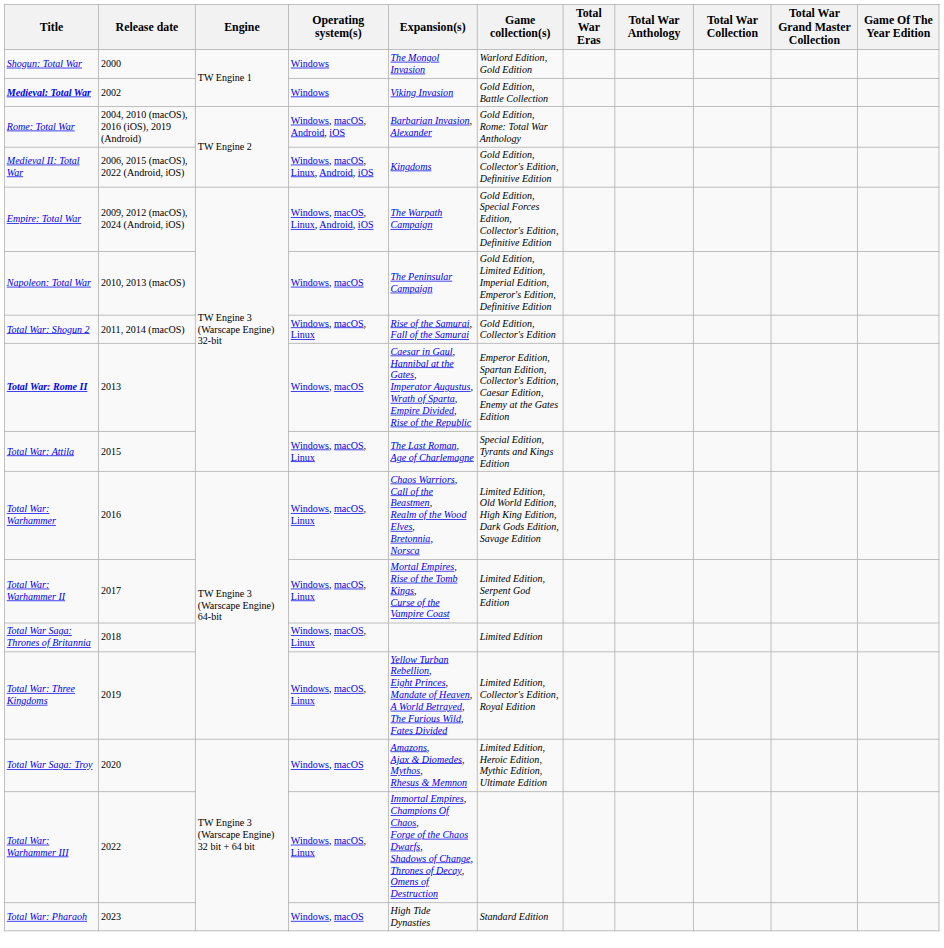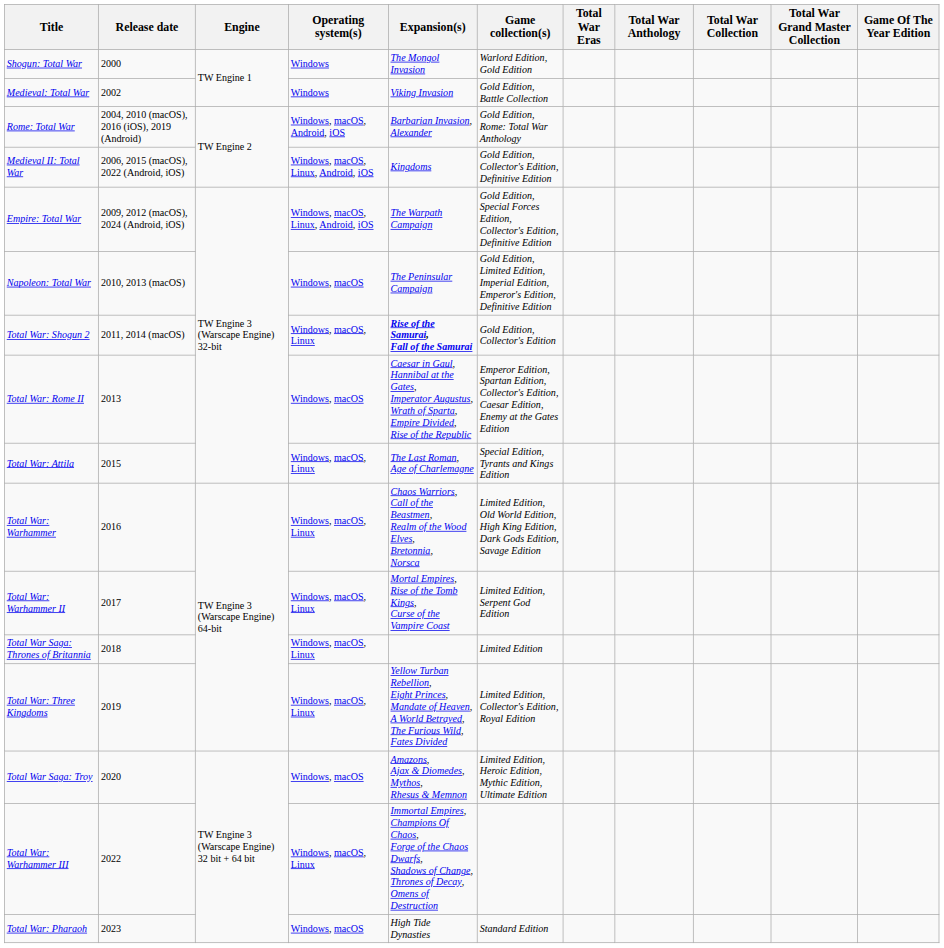 <table class="wikitable unsortable" style="width:100%">
 <tr>
 <th>Title</th>
 <th>Release date</th>
 <th>Engine</th>
 <th>Operating system(s)</th>
 <th>Expansion(s)</th>
 <th>Game collection(s)</th>
 <th>Total War Eras</th>
 <th>Total War Anthology</th>
 <th>Total War Collection</th>
 <th>Total War <br>Grand Master Collection</th>
 <th>Game Of The Year Edition</th>
 </tr>
 <tr style="font-size:85%">
 <td><em><a href='#'>Shogun: Total War</a></em></td>
 <td>2000</td>
 <td rowspan=2>TW Engine 1</td>
 <td><a href='#'>Windows</a></td>
 <td><em><a href='#'>The Mongol Invasion</a></em></td>
 <td><em>Warlord Edition,<br>Gold Edition</em></td>
 <td></td>
 <td></td>
 <td></td>
 <td></td>
 <td></td>
 </tr>
 <tr style="font-size:85%">
-<td><strong><em><a href='#'>Medieval: Total War</a></em></strong></td>
+<td><em><a href='#'>Medieval: Total War</a></em></td>
 <td>2002</td>
 <td><a href='#'>Windows</a></td>
 <td><a href='#'><em>Viking Invasion</em></a></td>
 <td><em>Gold Edition, <br>Battle Collection</em></td>
 <td></td>
 <td></td>
 <td></td>
 <td></td>
 <td></td>
 </tr>
 <tr style="font-size:85%">
 <td><em><a href='#'>Rome: Total War</a></em></td>
 <td>2004, 2010 (macOS),<br>2016 (iOS), 2019 (Android)</td>
 <td rowspan=2>TW Engine 2</td>
 <td><a href='#'>Windows</a>, <a href='#'>macOS</a>, <a href='#'>Android</a>, <a href='#'>iOS</a></td>
 <td><em><a href='#'>Barbarian Invasion</a>, <br><a href='#'>Alexander</a></em></td>
 <td><em>Gold Edition, <br>Rome: Total War Anthology</em></td>
 <td></td>
 <td></td>
 <td></td>
 <td></td>
 <td></td>
 </tr>
 <tr style="font-size:85%">
 <td><em><a href='#'>Medieval II: Total War</a></em></td>
 <td>2006, 2015 (macOS), 2022 (Android, iOS)</td>
 <td><a href='#'>Windows</a>, <a href='#'>macOS</a>, <a href='#'>Linux</a>, <a href='#'>Android</a>, <a href='#'>iOS</a></td>
 <td><a href='#'><em>Kingdoms</em></a></td>
 <td><em>Gold Edition,<br>Collector's Edition, <br>Definitive Edition</em></td>
 <td></td>
 <td></td>
 <td></td>
 <td></td>
 <td></td>
 </tr>
 <tr style="font-size:85%">
 <td><em><a href='#'>Empire: Total War</a></em></td>
 <td>2009, 2012 (macOS), 2024 (Android, iOS)</td>
 <td rowspan="5">TW Engine 3 (Warscape Engine) 32-bit</td>
 <td><a href='#'>Windows</a>, <a href='#'>macOS</a>, <a href='#'>Linux</a>, <a href='#'>Android</a>, <a href='#'>iOS</a></td>
 <td><a href='#'><em>The Warpath Campaign</em></a></td>
 <td><em>Gold Edition,<br>Special Forces Edition,<br>Collector's Edition, <br>Definitive Edition</em></td>
 <td></td>
 <td></td>
 <td></td>
 <td></td>
 <td></td>
 </tr>
 <tr style="font-size:85%">
 <td><em><a href='#'>Napoleon: Total War</a></em></td>
 <td>2010, 2013 (macOS)</td>
 <td><a href='#'>Windows</a>, <a href='#'>macOS</a></td>
 <td><a href='#'><em>The Peninsular Campaign</em></a></td>
 <td><em>Gold Edition, <br>Limited Edition, <br>Imperial Edition, <br>Emperor's Edition, <br>Definitive Edition</em></td>
 <td></td>
 <td></td>
 <td></td>
 <td></td>
 <td></td>
 </tr>
 <tr style="font-size:85%">
 <td><em><a href='#'>Total War: Shogun 2</a></em></td>
 <td>2011, 2014 (macOS)</td>
 <td><a href='#'>Windows</a>, <a href='#'>macOS</a>, <a href='#'>Linux</a></td>
-<td><em><a href='#'>Rise of the Samurai</a>,<br><a href='#'>Fall of the Samurai</a></em></td>
+<td><strong><em><a href='#'>Rise of the Samurai</a>,<br><a href='#'>Fall of the Samurai</a></em></strong></td>
 <td><em>Gold Edition, <br>Collector's Edition</em></td>
 <td></td>
 <td></td>
 <td></td>
 <td></td>
 <td></td>
 </tr>
 <tr style="font-size:85%">
-<td><strong><em><a href='#'>Total War: Rome II</a></em></strong></td>
+<td><em><a href='#'>Total War: Rome II</a></em></td>
 <td>2013</td>
 <td><a href='#'>Windows</a>, <a href='#'>macOS</a></td>
 <td><em><a href='#'>Caesar in Gaul</a>,<br><a href='#'>Hannibal at the Gates</a>,<br><a href='#'>Imperator Augustus</a>,<br><a href='#'>Wrath of Sparta</a>,<br><a href='#'>Empire Divided</a>,<br><a href='#'>Rise of the Republic</a></em></td>
 <td><em>Emperor Edition,<br>Spartan Edition,<br>Collector's Edition,<br>Caesar Edition,<br>Enemy at the Gates Edition</em></td>
 <td></td>
 <td></td>
 <td></td>
 <td></td>
 <td></td>
 </tr>
 <tr style="font-size:85%">
 <td><em><a href='#'>Total War: Attila</a></em></td>
 <td>2015</td>
 <td><a href='#'>Windows</a>, <a href='#'>macOS</a>, <a href='#'>Linux</a></td>
 <td><em><a href='#'>The Last Roman</a>,<br><a href='#'>Age of Charlemagne</a></em></td>
 <td><em>Special Edition, <br>Tyrants and Kings Edition</em></td>
 <td></td>
 <td></td>
 <td></td>
 <td></td>
 <td></td>
 </tr>
 <tr style="font-size:85%">
 <td><em><a href='#'>Total War: Warhammer</a></em></td>
 <td>2016</td>
 <td rowspan="4">TW Engine 3 (Warscape Engine) 64-bit</td>
 <td><a href='#'>Windows</a>, <a href='#'>macOS</a>, <a href='#'>Linux</a></td>
 <td><em><a href='#'>Chaos Warriors</a>,<br><a href='#'>Call of the Beastmen</a>,<br><a href='#'>Realm of the Wood Elves</a>,<br><a href='#'>Bretonnia</a>,<br><a href='#'>Norsca</a></em></td>
 <td><em>Limited Edition,<br>Old World Edition,<br>High King Edition,<br>Dark Gods Edition,<br>Savage Edition</em></td>
 <td></td>
 <td></td>
 <td></td>
 <td></td>
 <td></td>
 </tr>
 <tr style="font-size:85%">
 <td><em><a href='#'>Total War: Warhammer II</a></em></td>
 <td>2017</td>
 <td><a href='#'>Windows</a>, <a href='#'>macOS</a>, <a href='#'>Linux</a></td>
 <td><em><a href='#'>Mortal Empires</a>,<br><a href='#'>Rise of the Tomb Kings</a>,<br><a href='#'>Curse of the Vampire Coast</a></em></td>
 <td><em>Limited Edition,<br>Serpent God Edition</em></td>
 <td></td>
 <td></td>
 <td></td>
 <td></td>
 <td></td>
 </tr>
 <tr style="font-size:85%">
 <td><em><a href='#'>Total War Saga: Thrones of Britannia</a></em></td>
 <td>2018</td>
 <td><a href='#'>Windows</a>, <a href='#'>macOS</a>, <a href='#'>Linux</a></td>
 <td></td>
 <td><em>Limited Edition</em></td>
 <td></td>
 <td></td>
 <td></td>
 <td></td>
 <td></td>
 </tr>
 <tr style="font-size:85%">
 <td><em><a href='#'>Total War: Three Kingdoms</a></em></td>
 <td>2019</td>
 <td><a href='#'>Windows</a>, <a href='#'>macOS</a>, <a href='#'>Linux</a></td>
 <td><em><a href='#'>Yellow Turban Rebellion</a></em>,<br><em><a href='#'>Eight Princes</a></em>,<br><em><a href='#'>Mandate of Heaven</a></em>,<br><em><a href='#'>A World Betrayed</a></em>,<br><em><a href='#'>The Furious Wild</a></em>,<br><em><a href='#'>Fates Divided</a></em></td>
 <td><em>Limited Edition,<br>Collector's Edition,<br>Royal Edition</em></td>
 <td></td>
 <td></td>
 <td></td>
 <td></td>
 <td></td>
 </tr>
 <tr style="font-size:85%">
 <td><em><a href='#'>Total War Saga: Troy</a></em></td>
 <td>2020</td>
 <td rowspan="3">TW Engine 3<br>(Warscape Engine) 32 bit + 64 bit</td>
 <td><a href='#'>Windows</a>, <a href='#'>macOS</a></td>
 <td><em><a href='#'>Amazons</a></em>,<br><em><a href='#'>Ajax & Diomedes</a></em>,<br><em><a href='#'>Mythos</a></em>,<br><em><a href='#'>Rhesus & Memnon</a></em></td>
 <td><em>Limited Edition</em>,<br><em>Heroic Edition</em>,<br><em>Mythic Edition</em>,<br><em>Ultimate Edition</em></td>
 <td></td>
 <td></td>
 <td></td>
 <td></td>
 <td></td>
 </tr>
 <tr style="font-size:85%">
 <td><em><a href='#'>Total War: Warhammer III</a></em></td>
 <td>2022</td>
 <td><a href='#'>Windows</a>, <a href='#'>macOS</a>, <a href='#'>Linux</a></td>
 <td><em><a href='#'>Immortal Empires</a></em>,<br><em><a href='#'>Champions Of Chaos</a></em>,<br><em><a href='#'>Forge of the Chaos Dwarfs</a></em>,<br><em><a href='#'>Shadows of Change</a></em>,<br><em><a href='#'>Thrones of Decay</a></em>,<br><em><a href='#'>Omens of Destruction</a></em></td>
 <td></td>
 <td></td>
 <td></td>
 <td></td>
 <td></td>
 <td></td>
 </tr>
 <tr style="font-size:85%">
 <td><em><a href='#'>Total War: Pharaoh</a></em></td>
 <td>2023</td>
 <td><a href='#'>Windows</a>, <a href='#'>macOS</a></td>
 <td><em>High Tide</em><br><em>Dynasties</em></td>
 <td><em>Standard Edition</em></td>
 <td></td>
 <td></td>
 <td></td>
 <td></td>
 <td></td>
 </tr>
 </table>
